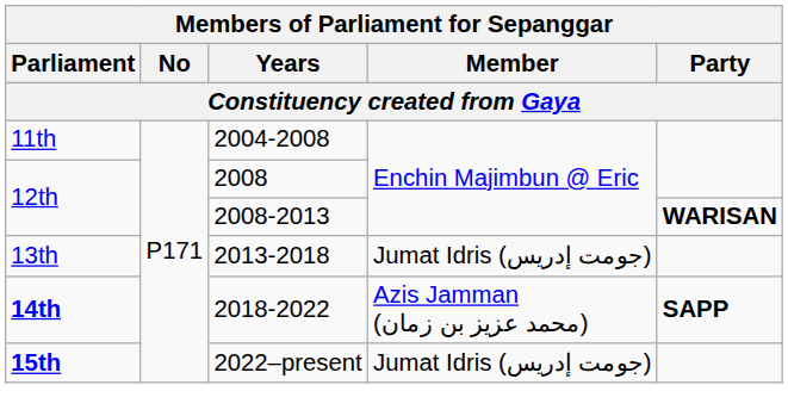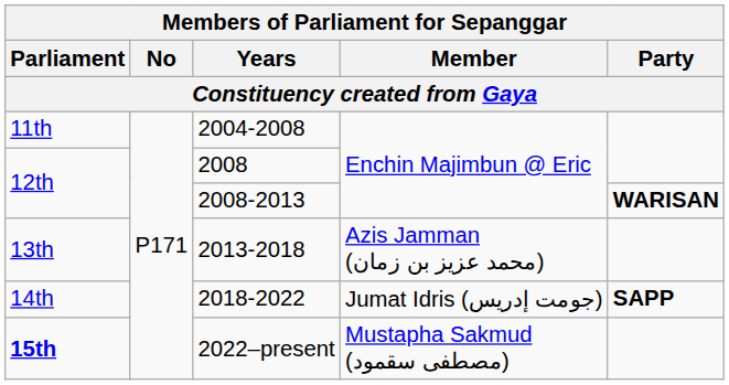 <table class=wikitable>
 <tr>
 <th colspan="5">Members of Parliament for Sepanggar</th>
 </tr>
 <tr>
 <th>Parliament</th>
 <th>No</th>
 <th>Years</th>
 <th>Member</th>
 <th>Party</th>
 </tr>
 <tr>
 <th colspan="5" align="center"><em>Constituency created from <a href='#'>Gaya</a></em></th>
 </tr>
 <tr>
 <td><a href='#'>11th</a></td>
 <td rowspan="6">P171</td>
 <td>2004-2008</td>
 <td rowspan=3><a href='#'>Enchin Majimbun @ Eric</a></td>
 <td rowspan=2></td>
 </tr>
 <tr>
 <td rowspan=2><a href='#'>12th</a></td>
 <td>2008</td>
 </tr>
 <tr>
 <td>2008-2013</td>
 <td><strong>WARISAN</strong></td>
 </tr>
 <tr>
 <td><a href='#'>13th</a></td>
 <td>2013-2018</td>
-<td>Jumat Idris (جومت إدريس)</td>
+<td><a href='#'>Azis Jamman</a>  <br>(محمد عزيز بن زمان)</td>
 <td></td>
 </tr>
 <tr>
-<td><strong><a href='#'>14th</a></strong></td>
+<td><a href='#'>14th</a></td>
 <td>2018-2022</td>
-<td><a href='#'>Azis Jamman</a>  <br>(محمد عزيز بن زمان)</td>
+<td>Jumat Idris (جومت إدريس)</td>
 <td><strong>SAPP</strong></td>
 </tr>
 <tr>
 <td><strong><a href='#'>15th</a></strong></td>
 <td>2022–present</td>
-<td>Jumat Idris (جومت إدريس)</td>
+<td><a href='#'>Mustapha Sakmud</a> <br> (مصطفى سقمود)</td>
 <td></td>
 </tr>
 </table>
